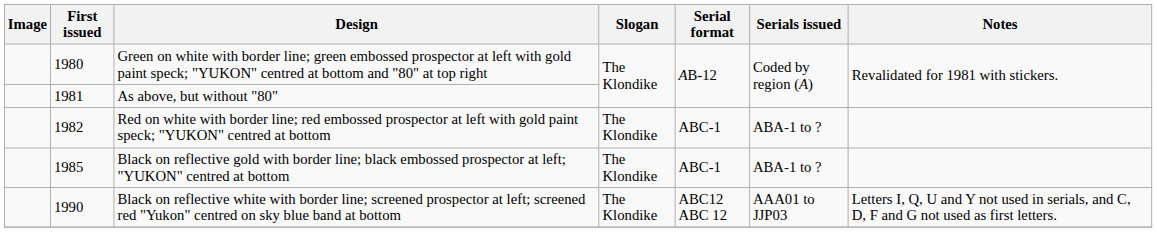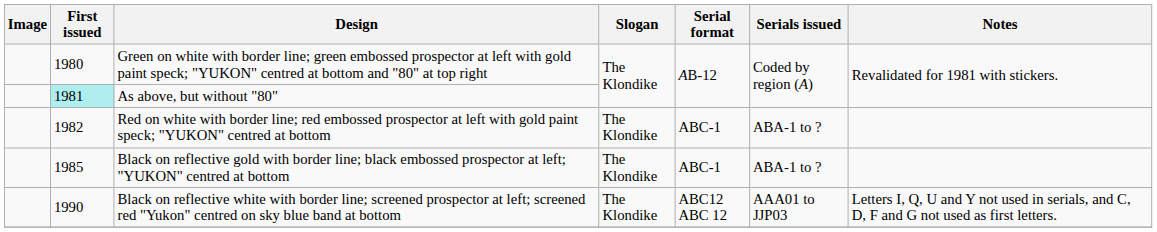 <table class="wikitable">
 <tr>
 <th>Image</th>
 <th>First issued</th>
 <th>Design</th>
 <th>Slogan</th>
 <th>Serial format</th>
 <th style="width:100px;">Serials issued</th>
 <th>Notes</th>
 </tr>
 <tr>
 <td></td>
 <td>1980</td>
 <td>Green on white with border line; green embossed prospector at left with gold paint speck; "YUKON" centred at bottom and "80" at top right</td>
 <td rowspan="2">The Klondike</td>
 <td rowspan="2"><em>A</em>B-12</td>
 <td rowspan="2">Coded by region (<em>A</em>)</td>
 <td rowspan="2">Revalidated for 1981 with stickers.</td>
 </tr>
 <tr>
 <td></td>
-<td>1981</td>
+<td style="background: paleturquoise;">1981</td>
 <td>As above, but without "80"</td>
 </tr>
 <tr>
 <td></td>
 <td>1982</td>
 <td>Red on white with border line; red embossed prospector at left with gold paint speck; "YUKON" centred at bottom</td>
 <td>The Klondike</td>
 <td>ABC-1</td>
 <td>ABA-1 to ?</td>
 <td></td>
 </tr>
 <tr>
 <td></td>
 <td>1985</td>
 <td>Black on reflective gold with border line; black embossed prospector at left; "YUKON" centred at bottom</td>
 <td>The Klondike</td>
 <td>ABC-1</td>
 <td>ABA-1 to ?</td>
 <td></td>
 </tr>
 <tr>
 <td></td>
 <td>1990</td>
 <td>Black on reflective white with border line; screened prospector at left; screened red "Yukon" centred on sky blue band at bottom</td>
 <td>The Klondike</td>
 <td>ABC12<br>ABC 12</td>
 <td>AAA01 to JJP03 </td>
 <td>Letters I, Q, U and Y not used in serials, and C, D, F and G not used as first letters.</td>
 </tr>
 <tr>
 </tr>
 </table>
